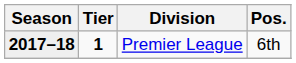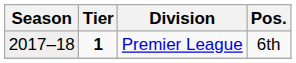 <table class="wikitable" style="font-size:85%; text-align:center">
 <tr>
 <th>Season</th>
 <th>Tier</th>
 <th>Division</th>
 <th>Pos.</th>
 </tr>
 <tr>
-<td bgcolor=#efefef><strong>2017–18</strong></td>
+<td bgcolor=#efefef>2017–18</td>
 <td><strong>1</strong></td>
 <td align=left><a href='#'>Premier League</a></td>
 <td>6th</td>
 </tr>
 <tr>
 </tr>
 </table>
